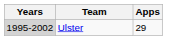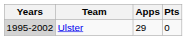 <table class="wikitable" style="text-align:left;">
 <tr>
 <th>Years</th>
 <th width=120px>Team</th>
 <th>Apps</th>
+<th>Pts</th>
 </tr>
 <tr>
 <td style="background: lightgrey;">1995-2002</td>
 <td><a href='#'>Ulster</a></td>
 <td>29</td>
+<td>0</td>
 </tr>
 </table>
